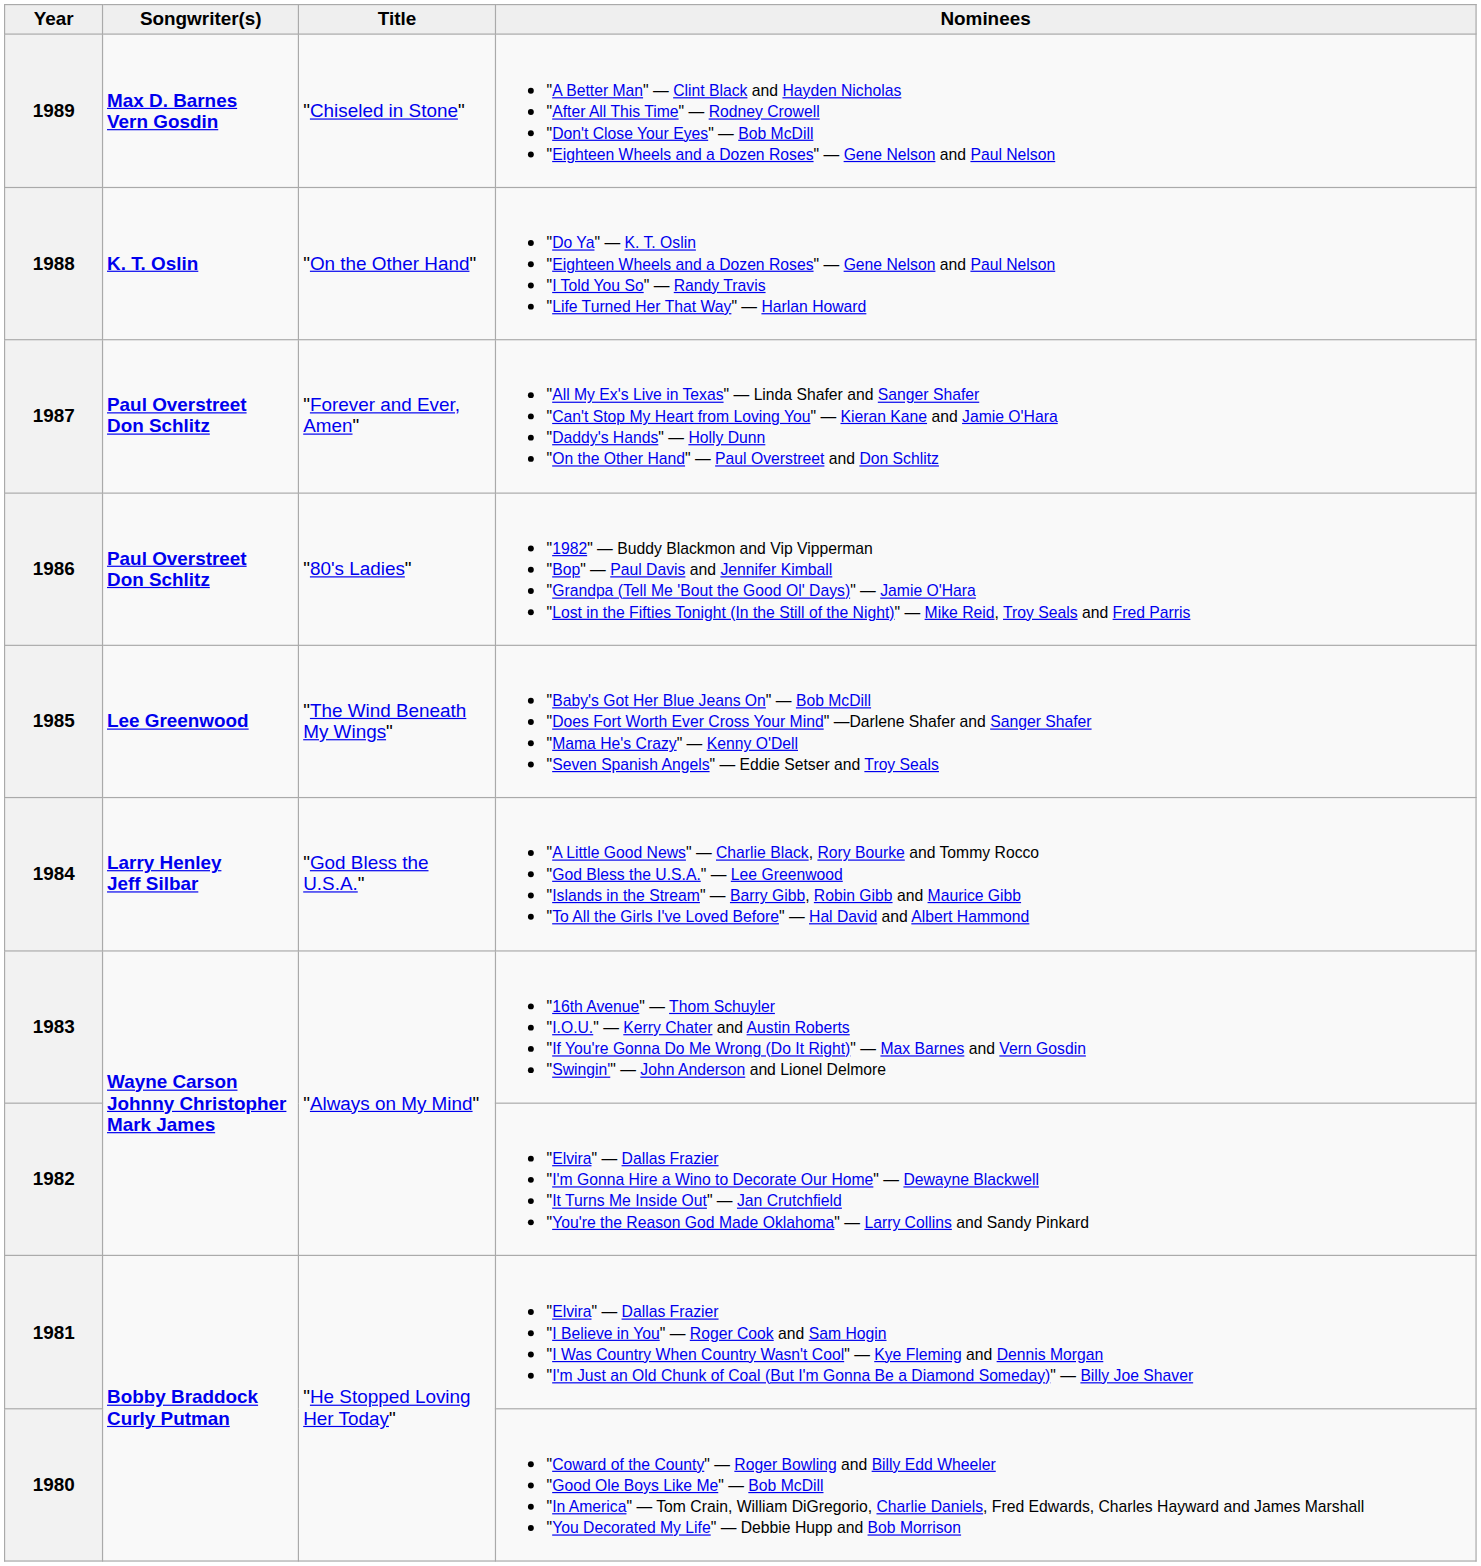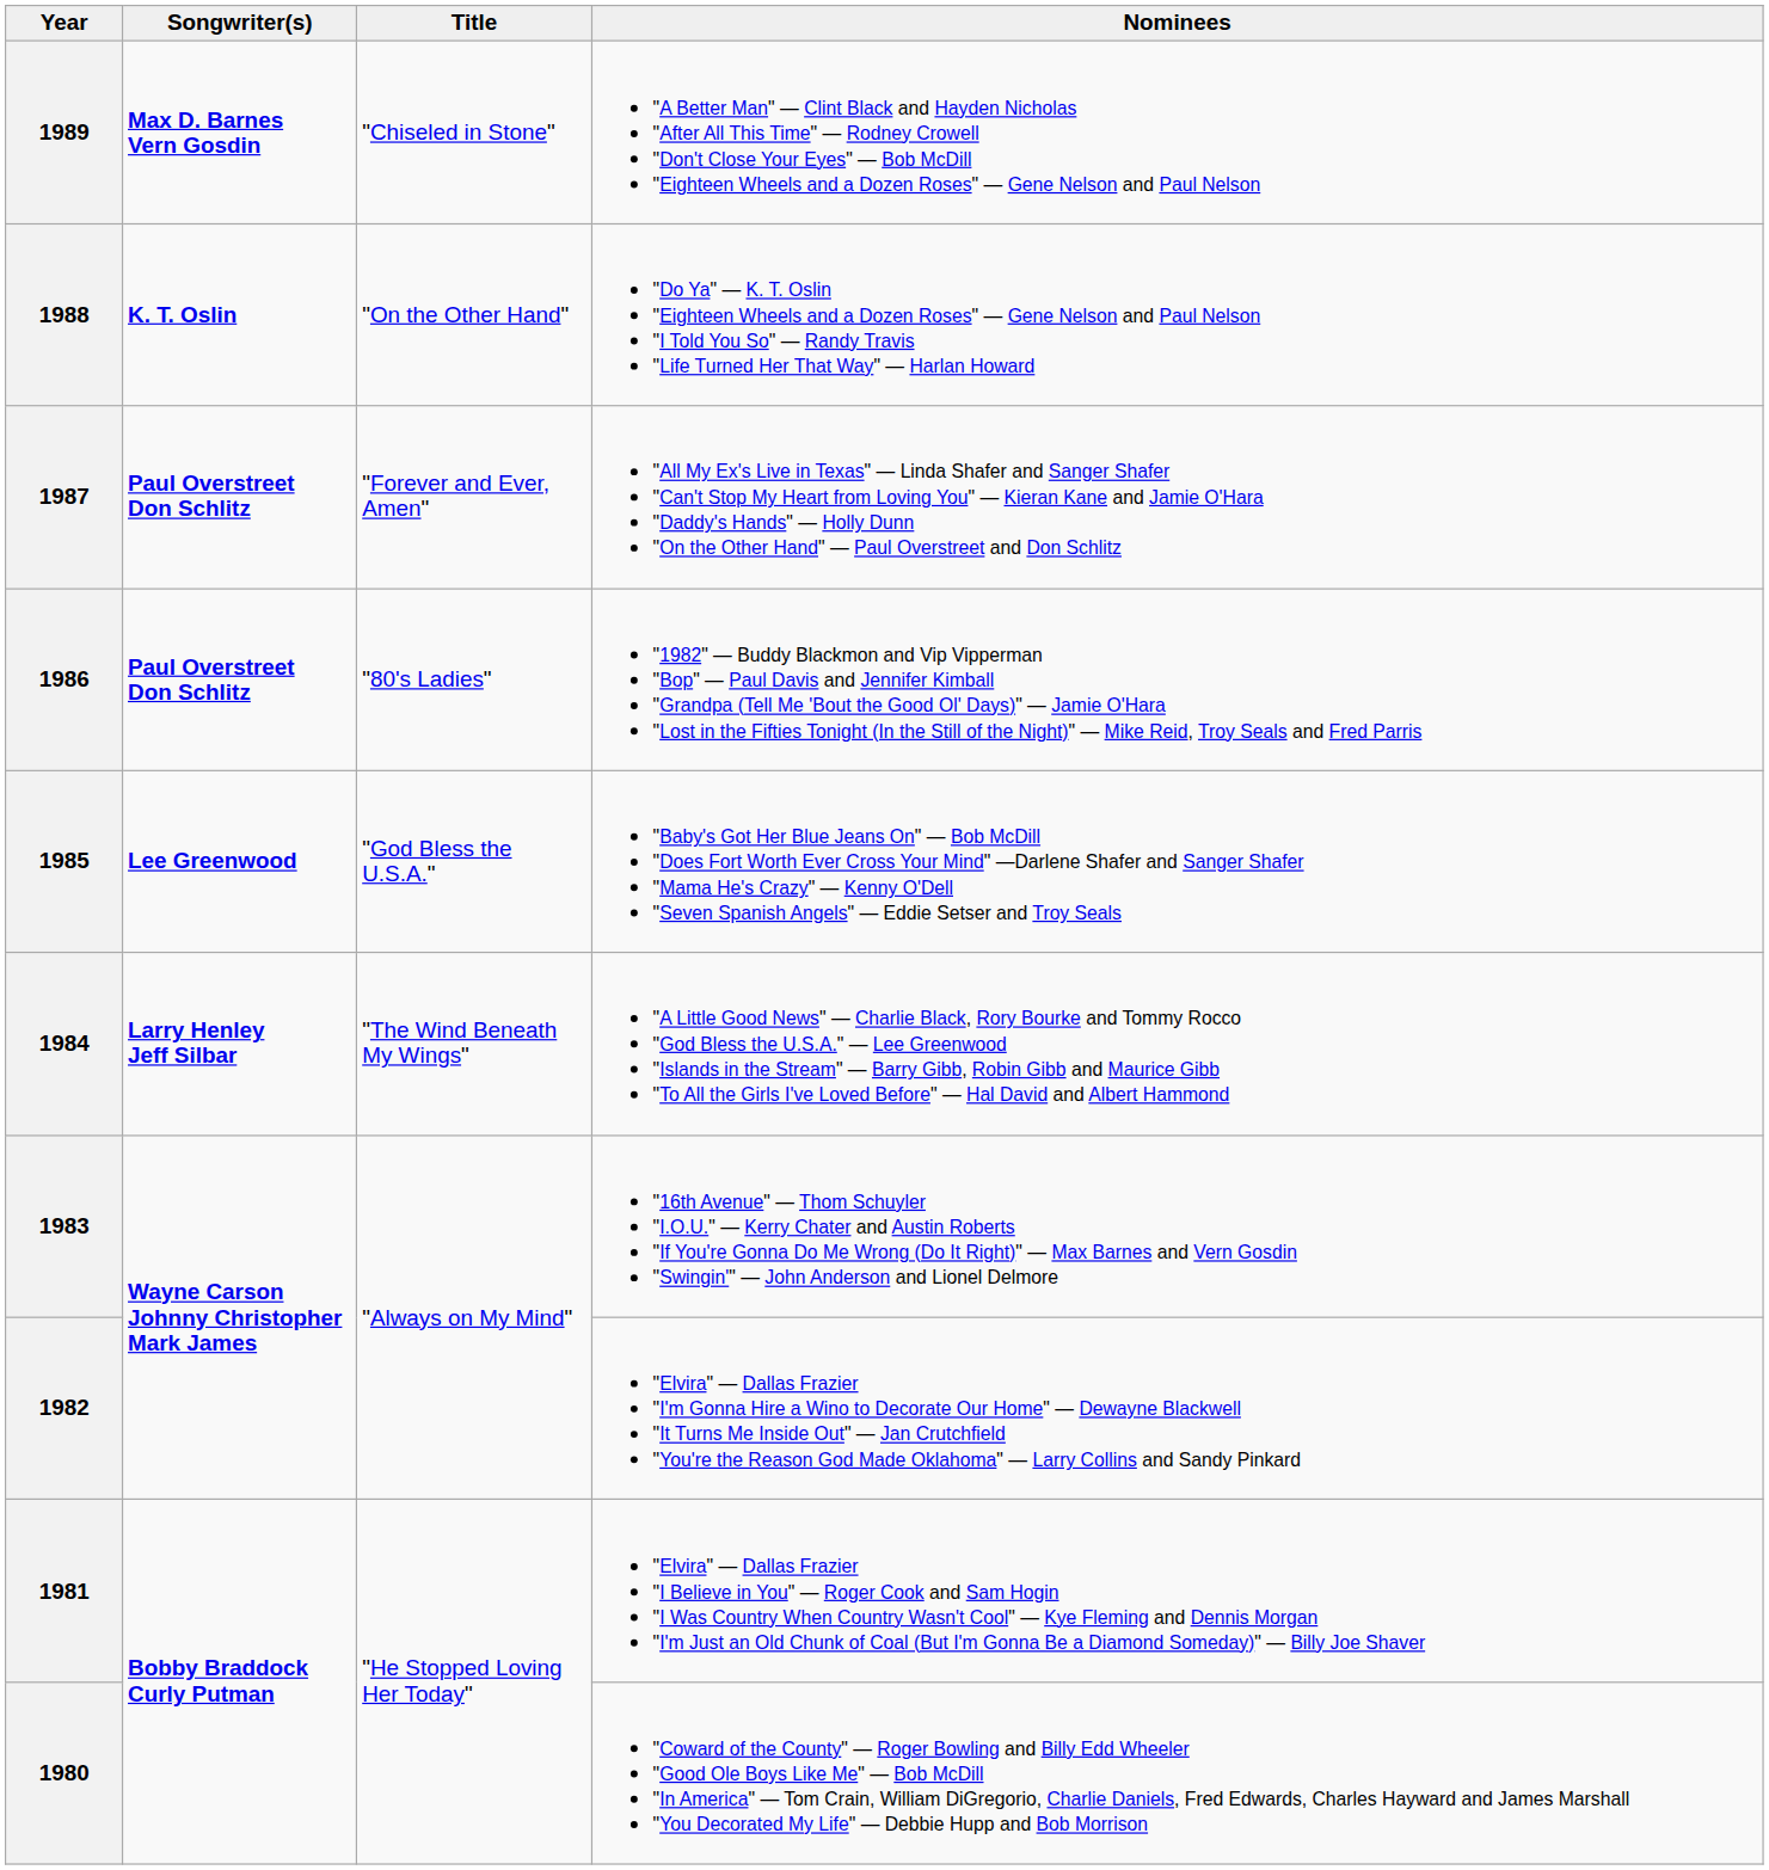 <table class="wikitable sortable">
 <tr>
 <th style="background:#efefef;" width="5%">Year</th>
 <th style="background:#efefef;" width="10%">Songwriter(s)</th>
 <th style="background:#efefef;" width="10%">Title</th>
 <th class="unsortable" style="background:#efefef;" width="50%">Nominees</th>
 </tr>
 <tr>
 <th style="text-align:center;">1989</th>
 <td><strong> <a href='#'>Max D. Barnes</a></strong><br><strong> <a href='#'>Vern Gosdin</a></strong></td>
 <td>"<a href='#'>Chiseled in Stone</a>"</td>
 <td><br><ul><li><small>"<a href='#'>A Better Man</a>" — <a href='#'>Clint Black</a> and <a href='#'>Hayden Nicholas</a></small></li><li><small>"<a href='#'>After All This Time</a>" — <a href='#'>Rodney Crowell</a></small></li><li><small>"<a href='#'>Don't Close Your Eyes</a>" — <a href='#'>Bob McDill</a></small></li><li><small>"<a href='#'>Eighteen Wheels and a Dozen Roses</a>" — <a href='#'>Gene Nelson</a> and <a href='#'>Paul Nelson</a></small></li></ul></td>
 </tr>
 <tr>
 <th style="text-align:center;">1988</th>
 <td><strong> <a href='#'>K. T. Oslin</a></strong></td>
 <td>"<a href='#'>On the Other Hand</a>"</td>
 <td><br><ul><li><small>"<a href='#'>Do Ya</a>" — <a href='#'>K. T. Oslin</a></small></li><li><small>"<a href='#'>Eighteen Wheels and a Dozen Roses</a>" — <a href='#'>Gene Nelson</a> and <a href='#'>Paul Nelson</a></small></li><li><small>"<a href='#'>I Told You So</a>" — <a href='#'>Randy Travis</a></small></li><li><small>"<a href='#'>Life Turned Her That Way</a>" — <a href='#'>Harlan Howard</a></small></li></ul></td>
 </tr>
 <tr>
 <th style="text-align:center;">1987</th>
 <td><strong> <a href='#'>Paul Overstreet</a></strong><br><strong> <a href='#'>Don Schlitz</a></strong></td>
 <td>"<a href='#'>Forever and Ever, Amen</a>"</td>
 <td><br><ul><li><small>"<a href='#'>All My Ex's Live in Texas</a>" — Linda Shafer and <a href='#'>Sanger Shafer</a></small></li><li><small>"<a href='#'>Can't Stop My Heart from Loving You</a>" — <a href='#'>Kieran Kane</a> and <a href='#'>Jamie O'Hara</a></small></li><li><small>"<a href='#'>Daddy's Hands</a>" — <a href='#'>Holly Dunn</a></small></li><li><small>"<a href='#'>On the Other Hand</a>" — <a href='#'>Paul Overstreet</a> and <a href='#'>Don Schlitz</a></small></li></ul></td>
 </tr>
 <tr>
 <th style="text-align:center;">1986</th>
 <td><strong> <a href='#'>Paul Overstreet</a></strong><br><strong> <a href='#'>Don Schlitz</a></strong></td>
 <td>"<a href='#'>80's Ladies</a>"</td>
 <td><br><ul><li><small>"<a href='#'>1982</a>" — Buddy Blackmon and Vip Vipperman</small></li><li><small>"<a href='#'>Bop</a>" — <a href='#'>Paul Davis</a> and <a href='#'>Jennifer Kimball</a></small></li><li><small>"<a href='#'>Grandpa (Tell Me 'Bout the Good Ol' Days)</a>" — <a href='#'>Jamie O'Hara</a></small></li><li><small>"<a href='#'>Lost in the Fifties Tonight (In the Still of the Night)</a>" — <a href='#'>Mike Reid</a>, <a href='#'>Troy Seals</a> and <a href='#'>Fred Parris</a></small></li></ul></td>
 </tr>
 <tr>
 <th style="text-align:center;">1985</th>
 <td><strong> <a href='#'>Lee Greenwood</a></strong></td>
-<td>"<a href='#'>The Wind Beneath My Wings</a>"</td>
+<td>"<a href='#'>God Bless the U.S.A.</a>"</td>
 <td><br><ul><li><small>"<a href='#'>Baby's Got Her Blue Jeans On</a>" — <a href='#'>Bob McDill</a></small></li><li><small>"<a href='#'>Does Fort Worth Ever Cross Your Mind</a>" —Darlene Shafer and <a href='#'>Sanger Shafer</a></small></li><li><small>"<a href='#'>Mama He's Crazy</a>" — <a href='#'>Kenny O'Dell</a></small></li><li><small>"<a href='#'>Seven Spanish Angels</a>" — Eddie Setser and <a href='#'>Troy Seals</a></small></li></ul></td>
 </tr>
 <tr>
 <th style="text-align:center;">1984</th>
 <td><strong> <a href='#'>Larry Henley</a></strong><br><strong> <a href='#'>Jeff Silbar</a></strong></td>
-<td>"<a href='#'>God Bless the U.S.A.</a>"</td>
+<td>"<a href='#'>The Wind Beneath My Wings</a>"</td>
 <td><br><ul><li><small>"<a href='#'>A Little Good News</a>" — <a href='#'>Charlie Black</a>, <a href='#'>Rory Bourke</a> and Tommy Rocco</small></li><li><small>"<a href='#'>God Bless the U.S.A.</a>" — <a href='#'>Lee Greenwood</a></small></li><li><small>"<a href='#'>Islands in the Stream</a>" — <a href='#'>Barry Gibb</a>, <a href='#'>Robin Gibb</a> and <a href='#'>Maurice Gibb</a></small></li><li><small>"<a href='#'>To All the Girls I've Loved Before</a>" — <a href='#'>Hal David</a> and <a href='#'>Albert Hammond</a></small></li></ul></td>
 </tr>
 <tr>
 <th style="text-align:center;">1983</th>
 <td rowspan="2"><strong> <a href='#'>Wayne Carson</a></strong><br><strong> <a href='#'>Johnny Christopher</a></strong><br><strong> <a href='#'>Mark James</a></strong></td>
 <td rowspan="2">"<a href='#'>Always on My Mind</a>"</td>
 <td><br><ul><li><small>"<a href='#'>16th Avenue</a>" — <a href='#'>Thom Schuyler</a></small></li><li><small>"<a href='#'>I.O.U.</a>" — <a href='#'>Kerry Chater</a> and <a href='#'>Austin Roberts</a></small></li><li><small>"<a href='#'>If You're Gonna Do Me Wrong (Do It Right)</a>" — <a href='#'>Max Barnes</a> and <a href='#'>Vern Gosdin</a></small></li><li><small>"<a href='#'>Swingin'</a>" — <a href='#'>John Anderson</a> and Lionel Delmore</small></li></ul></td>
 </tr>
 <tr>
 <th style="text-align:center;">1982</th>
 <td><br><ul><li><small>"<a href='#'>Elvira</a>" — <a href='#'>Dallas Frazier</a></small></li><li><small>"<a href='#'>I'm Gonna Hire a Wino to Decorate Our Home</a>" — <a href='#'>Dewayne Blackwell</a></small></li><li><small>"<a href='#'>It Turns Me Inside Out</a>" — <a href='#'>Jan Crutchfield</a></small></li><li><small>"<a href='#'>You're the Reason God Made Oklahoma</a>" — <a href='#'>Larry Collins</a> and Sandy Pinkard</small></li></ul></td>
 </tr>
 <tr>
 <th style="text-align:center;">1981</th>
 <td rowspan="2"><strong> <a href='#'>Bobby Braddock</a></strong><br><strong> <a href='#'>Curly Putman</a></strong></td>
 <td rowspan="2">"<a href='#'>He Stopped Loving Her Today</a>"</td>
 <td><br><ul><li><small>"<a href='#'>Elvira</a>" — <a href='#'>Dallas Frazier</a></small></li><li><small>"<a href='#'>I Believe in You</a>" — <a href='#'>Roger Cook</a> and <a href='#'>Sam Hogin</a></small></li><li><small>"<a href='#'>I Was Country When Country Wasn't Cool</a>" — <a href='#'>Kye Fleming</a> and <a href='#'>Dennis Morgan</a></small></li><li><small>"<a href='#'>I'm Just an Old Chunk of Coal (But I'm Gonna Be a Diamond Someday)</a>" — <a href='#'>Billy Joe Shaver</a></small></li></ul></td>
 </tr>
 <tr>
 <th style="text-align:center;">1980</th>
 <td><br><ul><li><small>"<a href='#'>Coward of the County</a>" — <a href='#'>Roger Bowling</a> and <a href='#'>Billy Edd Wheeler</a></small></li><li><small>"<a href='#'>Good Ole Boys Like Me</a>" — <a href='#'>Bob McDill</a></small></li><li><small>"<a href='#'>In America</a>" — Tom Crain, William DiGregorio, <a href='#'>Charlie Daniels</a>, Fred Edwards, Charles Hayward and James Marshall</small></li><li><small>"<a href='#'>You Decorated My Life</a>" — Debbie Hupp and <a href='#'>Bob Morrison</a></small></li></ul></td>
 </tr>
 </table>
